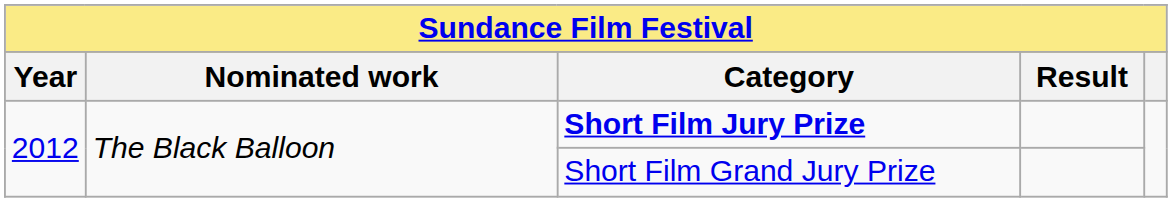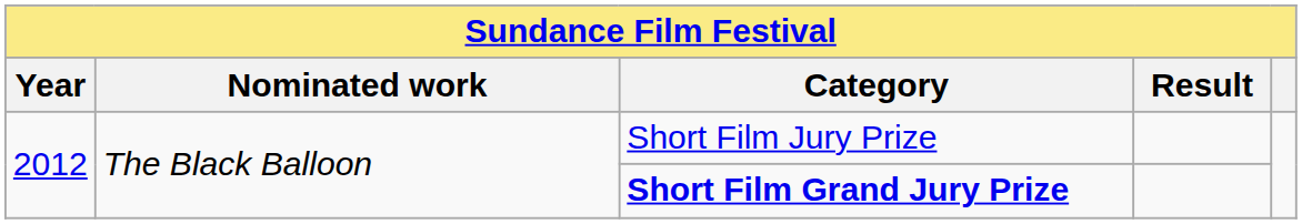 <table width="70%" class="wikitable sortable">
 <tr>
 <th colspan="5" style="background:#FAEB86;" align="center"><a href='#'>Sundance Film Festival</a></th>
 </tr>
 <tr>
 <th scope="col" style="width:1em;">Year</th>
 <th scope="col" style="width:39em;">Nominated work</th>
 <th scope="col" style="width:40em;">Category</th>
 <th scope="col" style="width:5em;">Result</th>
 <th scope="col" style="width:1em;" class="unsortable"></th>
 </tr>
 <tr>
 <td rowspan="2"><a href='#'>2012</a></td>
 <td rowspan="2"><em>The Black Balloon</em></td>
-<td><strong><a href='#'>Short Film Jury Prize</a></strong></td>
+<td><a href='#'>Short Film Jury Prize</a></td>
 <td></td>
 <td rowspan="2"></td>
 </tr>
 <tr>
-<td><a href='#'>Short Film Grand Jury Prize</a></td>
+<td><strong><a href='#'>Short Film Grand Jury Prize</a></strong></td>
 <td></td>
 </tr>
 </table>
